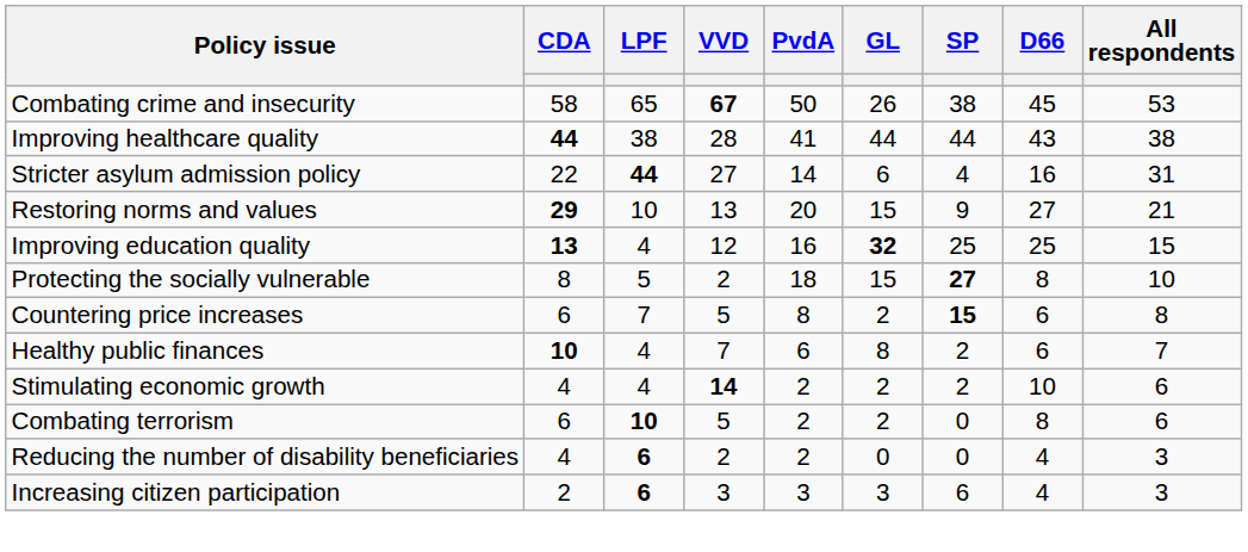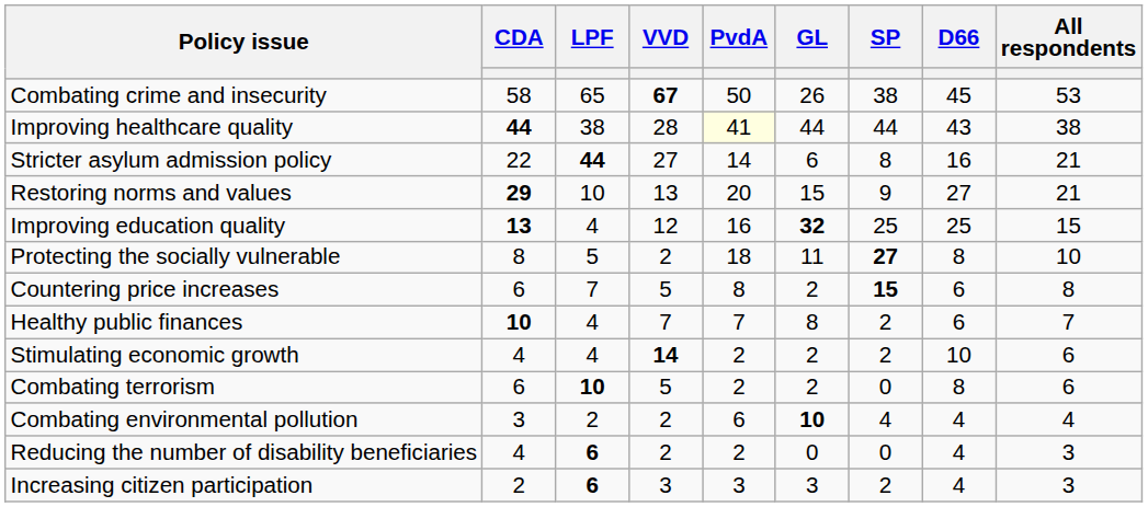 <table class="wikitable sortable" style="text-align:center;font-size:90%;line-height:14px">
 <tr style="height:40px;">
 <th rowspan="2">Policy issue</th>
 <th style="width:40px;"><a href='#'>CDA</a></th>
 <th style="width:40px;"><a href='#'>LPF</a></th>
 <th style="width:40px;"><a href='#'>VVD</a></th>
 <th style="width:40px;"><a href='#'>PvdA</a></th>
 <th style="width:40px;"><a href='#'>GL</a></th>
 <th style="width:40px;"><a href='#'>SP</a></th>
 <th style="width:40px;"><a href='#'>D66</a></th>
 <th style="width:40px;">All respondents</th>
 </tr>
 <tr>
 <th style="background:"></th>
 <th style="background:"></th>
 <th style="background:"></th>
 <th style="background:"></th>
 <th style="background:"></th>
 <th style="background:"></th>
 <th style="background:"></th>
 <th></th>
 </tr>
 <tr>
 <td align="left">Combating crime and insecurity</td>
 <td>58</td>
 <td>65</td>
 <td style="background:"><strong>67</strong></td>
 <td>50</td>
 <td>26</td>
 <td>38</td>
 <td>45</td>
 <td>53</td>
 </tr>
 <tr>
 <td align="left">Improving healthcare quality</td>
 <td style="background:"><strong>44</strong></td>
 <td>38</td>
 <td>28</td>
-<td>41</td>
+<td style="background: lightyellow;">41</td>
 <td>44</td>
 <td>44</td>
 <td>43</td>
 <td>38</td>
 </tr>
 <tr>
 <td align="left">Stricter asylum admission policy</td>
 <td>22</td>
 <td style="background:"><strong>44</strong></td>
 <td>27</td>
 <td>14</td>
 <td>6</td>
-<td>4</td>
+<td>8</td>
 <td>16</td>
-<td>31</td>
+<td>21</td>
 </tr>
 <tr>
 <td align="left">Restoring norms and values</td>
 <td style="background:"><strong>29</strong></td>
 <td>10</td>
 <td>13</td>
 <td>20</td>
 <td>15</td>
 <td>9</td>
 <td>27</td>
 <td>21</td>
 </tr>
 <tr>
 <td align="left">Improving education quality</td>
 <td><strong>13</strong></td>
 <td>4</td>
 <td>12</td>
 <td>16</td>
 <td style="background:"><strong>32</strong></td>
 <td>25</td>
 <td>25</td>
 <td>15</td>
 </tr>
 <tr>
 <td align="left">Protecting the socially vulnerable</td>
 <td>8</td>
 <td>5</td>
 <td>2</td>
 <td>18</td>
-<td>15</td>
+<td>11</td>
 <td style="background:"><strong>27</strong></td>
 <td>8</td>
 <td>10</td>
 </tr>
 <tr>
 <td align="left">Countering price increases</td>
 <td>6</td>
 <td>7</td>
 <td>5</td>
 <td>8</td>
 <td>2</td>
 <td style="background:"><strong>15</strong></td>
 <td>6</td>
 <td>8</td>
 </tr>
 <tr>
 <td align="left">Healthy public finances</td>
 <td style="background:"><strong>10</strong></td>
 <td>4</td>
 <td>7</td>
-<td>6</td>
+<td>7</td>
 <td>8</td>
 <td>2</td>
 <td>6</td>
 <td>7</td>
 </tr>
 <tr>
 <td align="left">Stimulating economic growth</td>
 <td>4</td>
 <td>4</td>
 <td style="background:"><strong>14</strong></td>
 <td>2</td>
 <td>2</td>
 <td>2</td>
 <td>10</td>
 <td>6</td>
 </tr>
 <tr>
 <td align="left">Combating terrorism</td>
 <td>6</td>
 <td style="background:"><strong>10</strong></td>
 <td>5</td>
 <td>2</td>
 <td>2</td>
 <td>0</td>
 <td>8</td>
 <td>6</td>
 </tr>
 <tr>
+<td align="left">Combating environmental pollution</td>
+<td>3</td>
+<td>2</td>
+<td>2</td>
+<td>6</td>
+<td style="background:"><strong>10</strong></td>
+<td>4</td>
+<td>4</td>
+<td>4</td>
+</tr>
+<tr>
 <td align="left">Reducing the number of disability beneficiaries</td>
 <td>4</td>
 <td style="background:"><strong>6</strong></td>
 <td>2</td>
 <td>2</td>
 <td>0</td>
 <td>0</td>
 <td>4</td>
 <td>3</td>
 </tr>
 <tr>
 <td align="left">Increasing citizen participation</td>
 <td>2</td>
 <td style="background:"><strong>6</strong></td>
 <td>3</td>
 <td>3</td>
 <td>3</td>
-<td>6</td>
+<td>2</td>
 <td>4</td>
 <td>3</td>
 </tr>
 </table>
